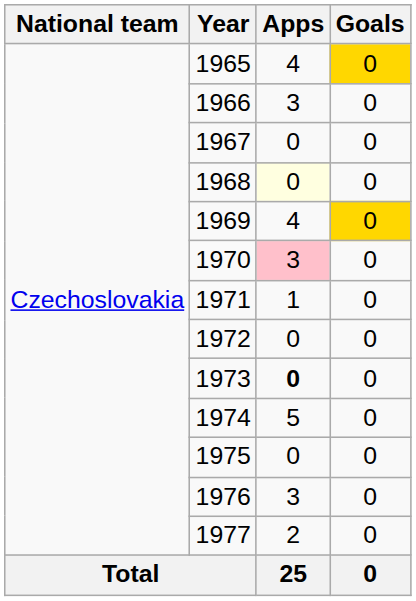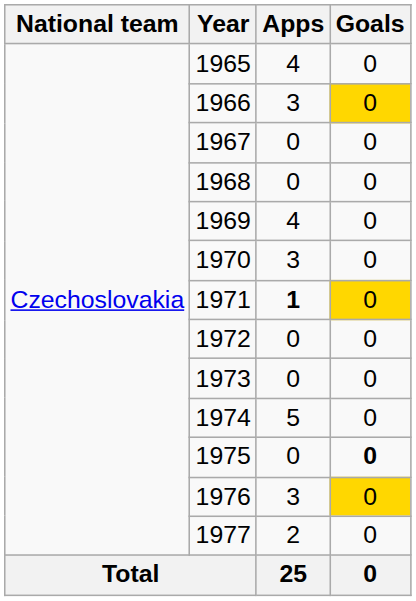 <table class="wikitable" style="text-align:center">
 <tr>
 <th>National team</th>
 <th>Year</th>
 <th>Apps</th>
 <th>Goals</th>
 </tr>
 <tr>
 <td rowspan="13"><a href='#'>Czechoslovakia</a></td>
 <td>1965</td>
 <td>4</td>
-<td style="background: gold;">0</td>
+<td>0</td>
 </tr>
 <tr>
 <td>1966</td>
 <td>3</td>
-<td>0</td>
+<td style="background: gold;">0</td>
 </tr>
 <tr>
 <td>1967</td>
 <td>0</td>
 <td>0</td>
 </tr>
 <tr>
 <td>1968</td>
-<td style="background: lightyellow;">0</td>
+<td>0</td>
 <td>0</td>
 </tr>
 <tr>
 <td>1969</td>
 <td>4</td>
-<td style="background: gold;">0</td>
+<td>0</td>
 </tr>
 <tr>
 <td>1970</td>
-<td style="background: pink;">3</td>
+<td>3</td>
 <td>0</td>
 </tr>
 <tr>
 <td>1971</td>
-<td>1</td>
-<td>0</td>
+<td><strong>1</strong></td>
+<td style="background: gold;">0</td>
 </tr>
 <tr>
 <td>1972</td>
 <td>0</td>
 <td>0</td>
 </tr>
 <tr>
 <td>1973</td>
-<td><strong>0</strong></td>
+<td>0</td>
 <td>0</td>
 </tr>
 <tr>
 <td>1974</td>
 <td>5</td>
 <td>0</td>
 </tr>
 <tr>
 <td>1975</td>
 <td>0</td>
-<td>0</td>
+<td><strong>0</strong></td>
 </tr>
 <tr>
 <td>1976</td>
 <td>3</td>
-<td>0</td>
+<td style="background: gold;">0</td>
 </tr>
 <tr>
 <td>1977</td>
 <td>2</td>
 <td>0</td>
 </tr>
 <tr>
 <th colspan="2">Total</th>
 <th>25</th>
 <th>0</th>
 </tr>
 </table>
